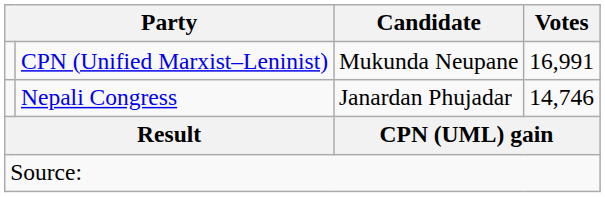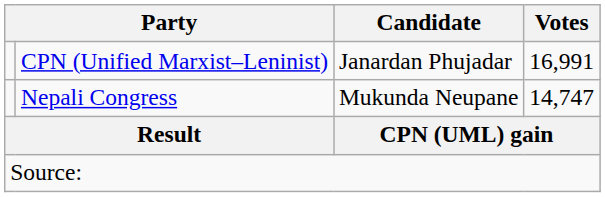 <table class="wikitable">
 <tr>
 <th colspan="2">Party</th>
 <th>Candidate</th>
 <th>Votes</th>
 </tr>
 <tr>
 <td style="background-color:"></td>
 <td><a href='#'>CPN (Unified Marxist–Leninist)</a></td>
-<td>Mukunda Neupane</td>
+<td>Janardan Phujadar</td>
 <td>16,991</td>
 </tr>
 <tr>
 <td style="background-color:"></td>
 <td><a href='#'>Nepali Congress</a></td>
-<td>Janardan Phujadar</td>
-<td>14,746</td>
+<td>Mukunda Neupane</td>
+<td>14,747</td>
 </tr>
 <tr>
 <th colspan="2">Result</th>
 <th colspan="2">CPN (UML) gain</th>
 </tr>
 <tr>
 <td colspan="4">Source: </td>
 </tr>
 </table>
